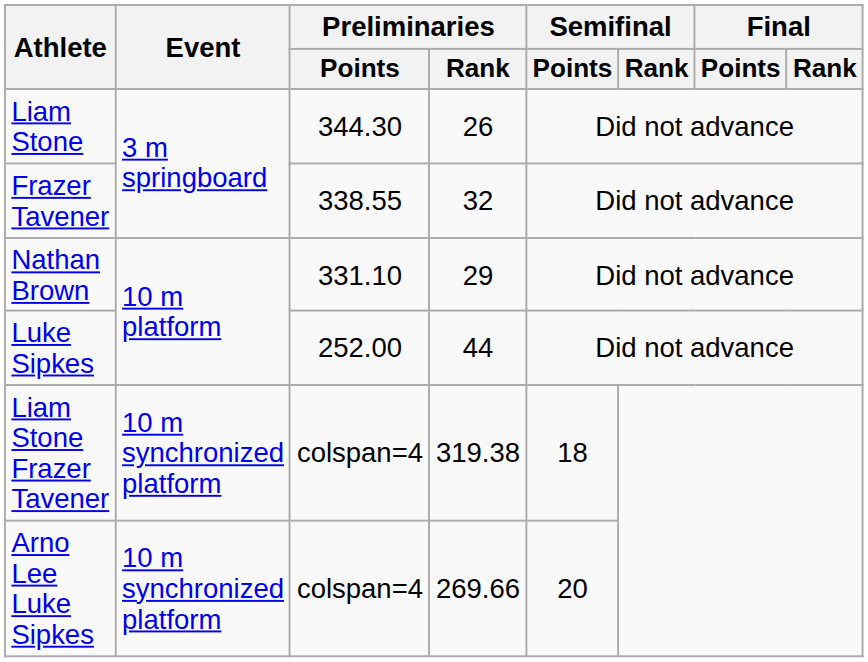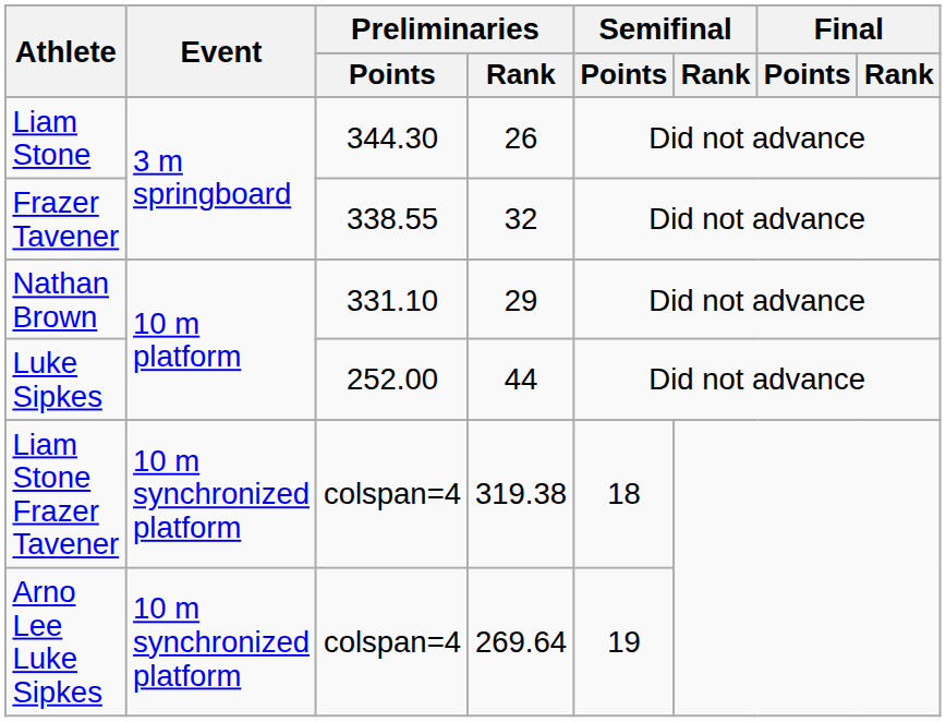 <table class="wikitable" style="text-align:center; font-size:90%; width:50%;">
 <tr>
 <th rowspan=2>Athlete</th>
 <th rowspan=2>Event</th>
 <th colspan=2>Preliminaries</th>
 <th colspan=2>Semifinal</th>
 <th colspan=2>Final</th>
 </tr>
 <tr style="font-size:95%">
 <th>Points</th>
 <th>Rank</th>
 <th>Points</th>
 <th>Rank</th>
 <th>Points</th>
 <th>Rank</th>
 </tr>
 <tr>
 <td align="left"><a href='#'>Liam Stone</a></td>
 <td align="left"  rowspan="2"><a href='#'>3 m springboard</a></td>
 <td>344.30</td>
 <td>26</td>
 <td colspan="4">Did not advance</td>
 </tr>
 <tr>
 <td align="left"><a href='#'>Frazer Tavener</a></td>
 <td>338.55</td>
 <td>32</td>
 <td colspan="4">Did not advance</td>
 </tr>
 <tr>
 <td align="left"><a href='#'>Nathan Brown</a></td>
 <td rowspan="2" align="left"><a href='#'>10 m platform</a></td>
 <td>331.10</td>
 <td>29</td>
 <td colspan="4">Did not advance</td>
 </tr>
 <tr>
 <td align="left"><a href='#'>Luke Sipkes</a></td>
 <td>252.00</td>
 <td>44</td>
 <td colspan="4">Did not advance</td>
 </tr>
 <tr>
 <td align=left><a href='#'>Liam Stone</a><br><a href='#'>Frazer Tavener</a></td>
 <td align=left><a href='#'>10 m synchronized platform</a></td>
 <td>colspan=4 </td>
 <td>319.38</td>
 <td>18</td>
 </tr>
 <tr>
 <td align=left><a href='#'>Arno Lee</a><br><a href='#'>Luke Sipkes</a></td>
 <td align=left><a href='#'>10 m synchronized platform</a></td>
 <td>colspan=4 </td>
-<td>269.66</td>
-<td>20</td>
+<td>269.64</td>
+<td>19</td>
 </tr>
 </table>
